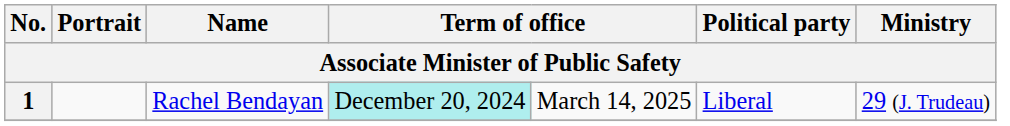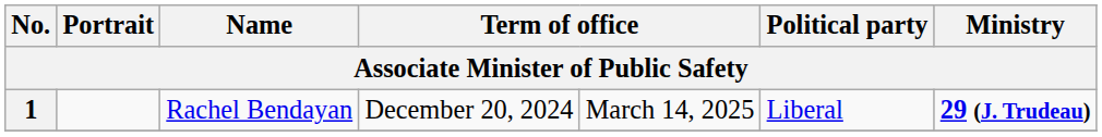 <table class="wikitable">
 <tr>
 <th>No.</th>
 <th>Portrait</th>
 <th>Name</th>
 <th colspan=2>Term of office</th>
 <th>Political party</th>
 <th>Ministry</th>
 </tr>
 <tr>
 <th colspan=7>Associate Minister of Public Safety</th>
 </tr>
 <tr>
 <th style="background:">1</th>
 <td></td>
 <td><a href='#'>Rachel Bendayan</a></td>
-<td style="background: paleturquoise;">December 20, 2024</td>
+<td>December 20, 2024</td>
 <td>March 14, 2025</td>
 <td><a href='#'>Liberal</a></td>
-<td><a href='#'>29</a> <small>(<a href='#'>J. Trudeau</a>)</small></td>
+<td><strong><a href='#'>29</a> <small>(<a href='#'>J. Trudeau</a>)</small></strong></td>
 </tr>
 <tr>
 </tr>
 </table>
